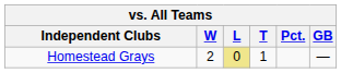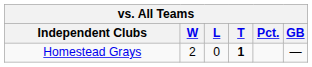 <table class="wikitable" width="400em" style="text-align:center;">
 <tr>
 <th colspan="6">vs. All Teams</th>
 </tr>
 <tr>
 <th width="58%">Independent Clubs</th>
 <th width="8%"><a href='#'>W</a></th>
 <th width="8%"><a href='#'>L</a></th>
 <th width="8%"><a href='#'>T</a></th>
 <th width="10%"><a href='#'>Pct.</a></th>
 <th width="8%"><a href='#'>GB</a></th>
 </tr>
 <tr>
 <td><a href='#'>Homestead Grays</a></td>
 <td>2</td>
-<td style="background: khaki;">0</td>
-<td>1</td>
+<td>0</td>
+<td><strong>1</strong></td>
 <td></td>
 <td>—</td>
 </tr>
 </table>
